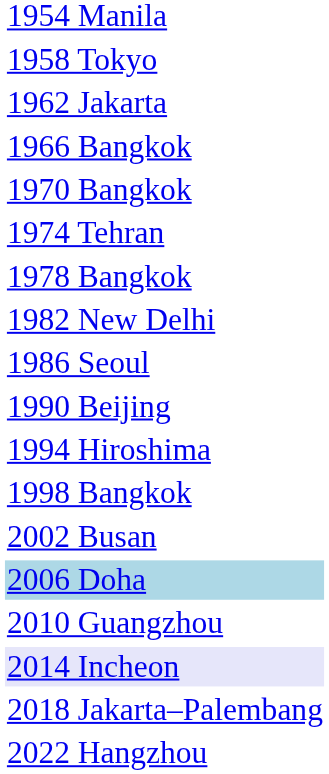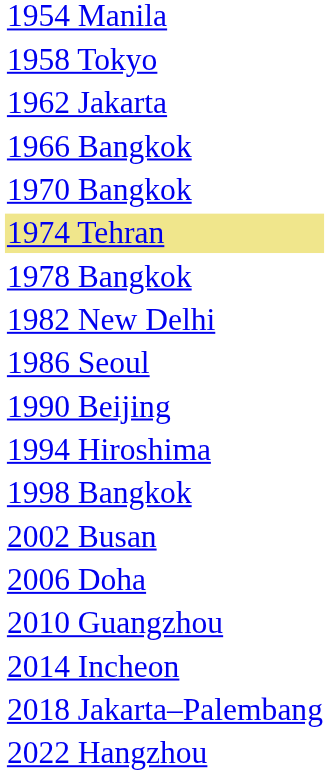 <table>
 <tr>
 <td><a href='#'>1954 Manila</a></td>
 <td></td>
 <td></td>
 <td></td>
 </tr>
 <tr>
 <td><a href='#'>1958 Tokyo</a></td>
 <td></td>
 <td></td>
 <td></td>
 </tr>
 <tr>
 <td><a href='#'>1962 Jakarta</a></td>
 <td></td>
 <td></td>
 <td></td>
 </tr>
 <tr>
 <td><a href='#'>1966 Bangkok</a></td>
 <td></td>
 <td></td>
 <td></td>
 </tr>
 <tr>
 <td><a href='#'>1970 Bangkok</a></td>
 <td></td>
 <td></td>
 <td></td>
 </tr>
 <tr>
-<td><a href='#'>1974 Tehran</a></td>
+<td style="background: khaki;"><a href='#'>1974 Tehran</a></td>
 <td></td>
 <td></td>
 <td></td>
 </tr>
 <tr>
 <td><a href='#'>1978 Bangkok</a></td>
 <td></td>
 <td></td>
 <td></td>
 </tr>
 <tr>
 <td><a href='#'>1982 New Delhi</a></td>
 <td></td>
 <td></td>
 <td></td>
 </tr>
 <tr>
 <td><a href='#'>1986 Seoul</a></td>
 <td></td>
 <td></td>
 <td></td>
 </tr>
 <tr>
 <td><a href='#'>1990 Beijing</a></td>
 <td></td>
 <td></td>
 <td></td>
 </tr>
 <tr>
 <td><a href='#'>1994 Hiroshima</a></td>
 <td></td>
 <td></td>
 <td></td>
 </tr>
 <tr>
 <td><a href='#'>1998 Bangkok</a></td>
 <td></td>
 <td></td>
 <td></td>
 </tr>
 <tr>
 <td><a href='#'>2002 Busan</a></td>
 <td></td>
 <td></td>
 <td></td>
 </tr>
 <tr>
-<td style="background: lightblue;"><a href='#'>2006 Doha</a></td>
+<td><a href='#'>2006 Doha</a></td>
 <td></td>
 <td></td>
 <td></td>
 </tr>
 <tr>
 <td><a href='#'>2010 Guangzhou</a></td>
 <td></td>
 <td></td>
 <td></td>
 </tr>
 <tr>
-<td style="background: lavender;"><a href='#'>2014 Incheon</a></td>
+<td><a href='#'>2014 Incheon</a></td>
 <td></td>
 <td></td>
 <td></td>
 </tr>
 <tr>
 <td><a href='#'>2018 Jakarta–Palembang</a></td>
 <td></td>
 <td></td>
 <td></td>
 </tr>
 <tr>
 <td><a href='#'>2022 Hangzhou</a></td>
 <td></td>
 <td></td>
 <td></td>
 </tr>
 </table>
